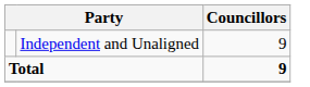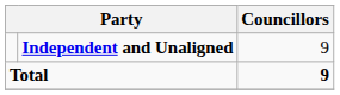 <table class="wikitable">
 <tr>
 <th colspan="2">Party</th>
 <th>Councillors</th>
 </tr>
 <tr>
 <td> </td>
-<td><a href='#'>Independent</a> and Unaligned</td>
+<td><strong><a href='#'>Independent</a> and Unaligned</strong></td>
 <td align=right>9</td>
 </tr>
 <tr>
 <td colspan=2><strong>Total</strong></td>
 <td align=right><strong>9</strong></td>
 </tr>
 <tr>
 </tr>
 </table>
